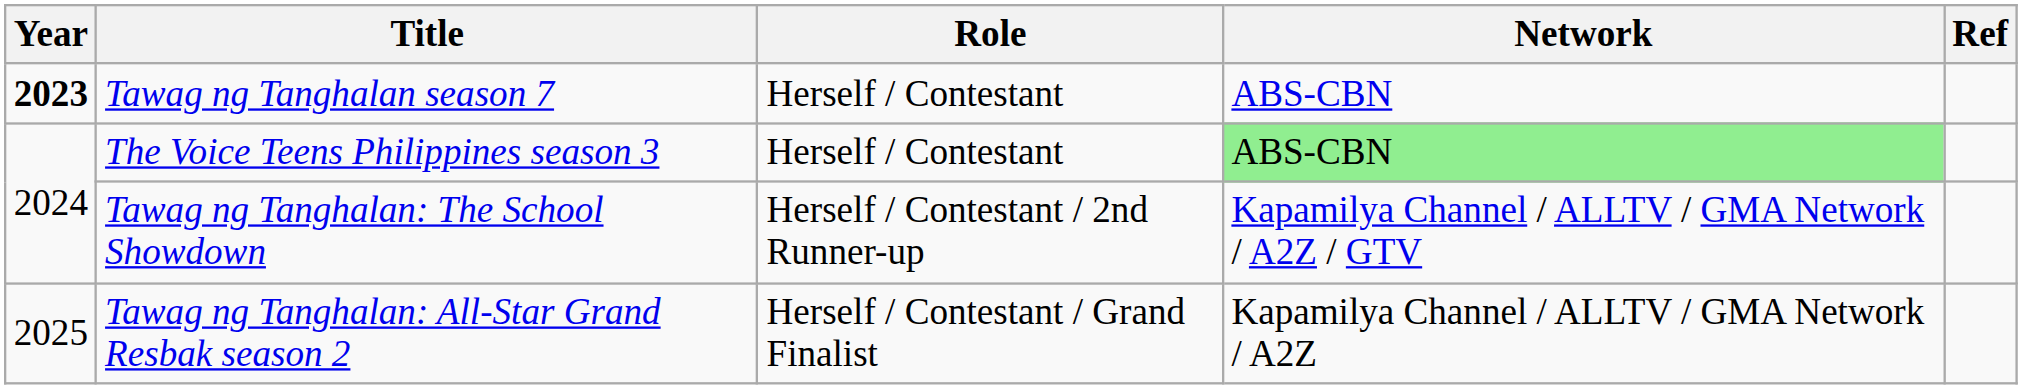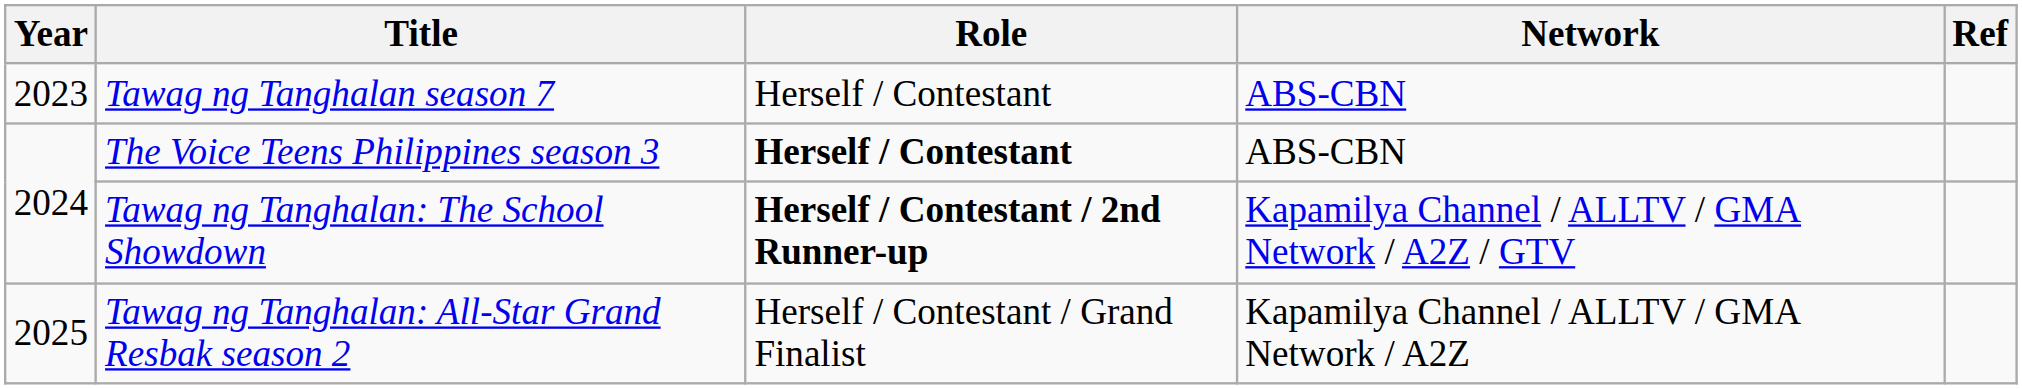 <table class="wikitable sortable">
 <tr>
 <th>Year</th>
 <th>Title</th>
 <th>Role</th>
 <th>Network</th>
 <th>Ref</th>
 </tr>
 <tr>
-<td><strong>2023</strong></td>
+<td>2023</td>
 <td><em><a href='#'>Tawag ng Tanghalan season 7</a></em></td>
 <td>Herself / Contestant</td>
 <td><a href='#'>ABS-CBN</a></td>
 <td></td>
 </tr>
 <tr>
 <td rowspan="2">2024</td>
 <td><em><a href='#'>The Voice Teens Philippines season 3</a></em></td>
-<td>Herself / Contestant</td>
-<td style="background: lightgreen;">ABS-CBN</td>
+<td><strong>Herself / Contestant</strong></td>
+<td>ABS-CBN</td>
 <td></td>
 </tr>
 <tr>
 <td><em><a href='#'>Tawag ng Tanghalan: The School Showdown</a></em></td>
-<td>Herself / Contestant / 2nd Runner-up</td>
+<td><strong>Herself / Contestant / 2nd Runner-up</strong></td>
 <td><a href='#'>Kapamilya Channel</a> / <a href='#'>ALLTV</a> / <a href='#'>GMA Network</a> / <a href='#'>A2Z</a> / <a href='#'>GTV</a></td>
 <td></td>
 </tr>
 <tr>
 <td>2025</td>
 <td><em><a href='#'>Tawag ng Tanghalan: All-Star Grand Resbak season 2</a></em></td>
 <td>Herself / Contestant / Grand Finalist</td>
 <td>Kapamilya Channel / ALLTV / GMA Network / A2Z</td>
 <td></td>
 </tr>
 </table>
